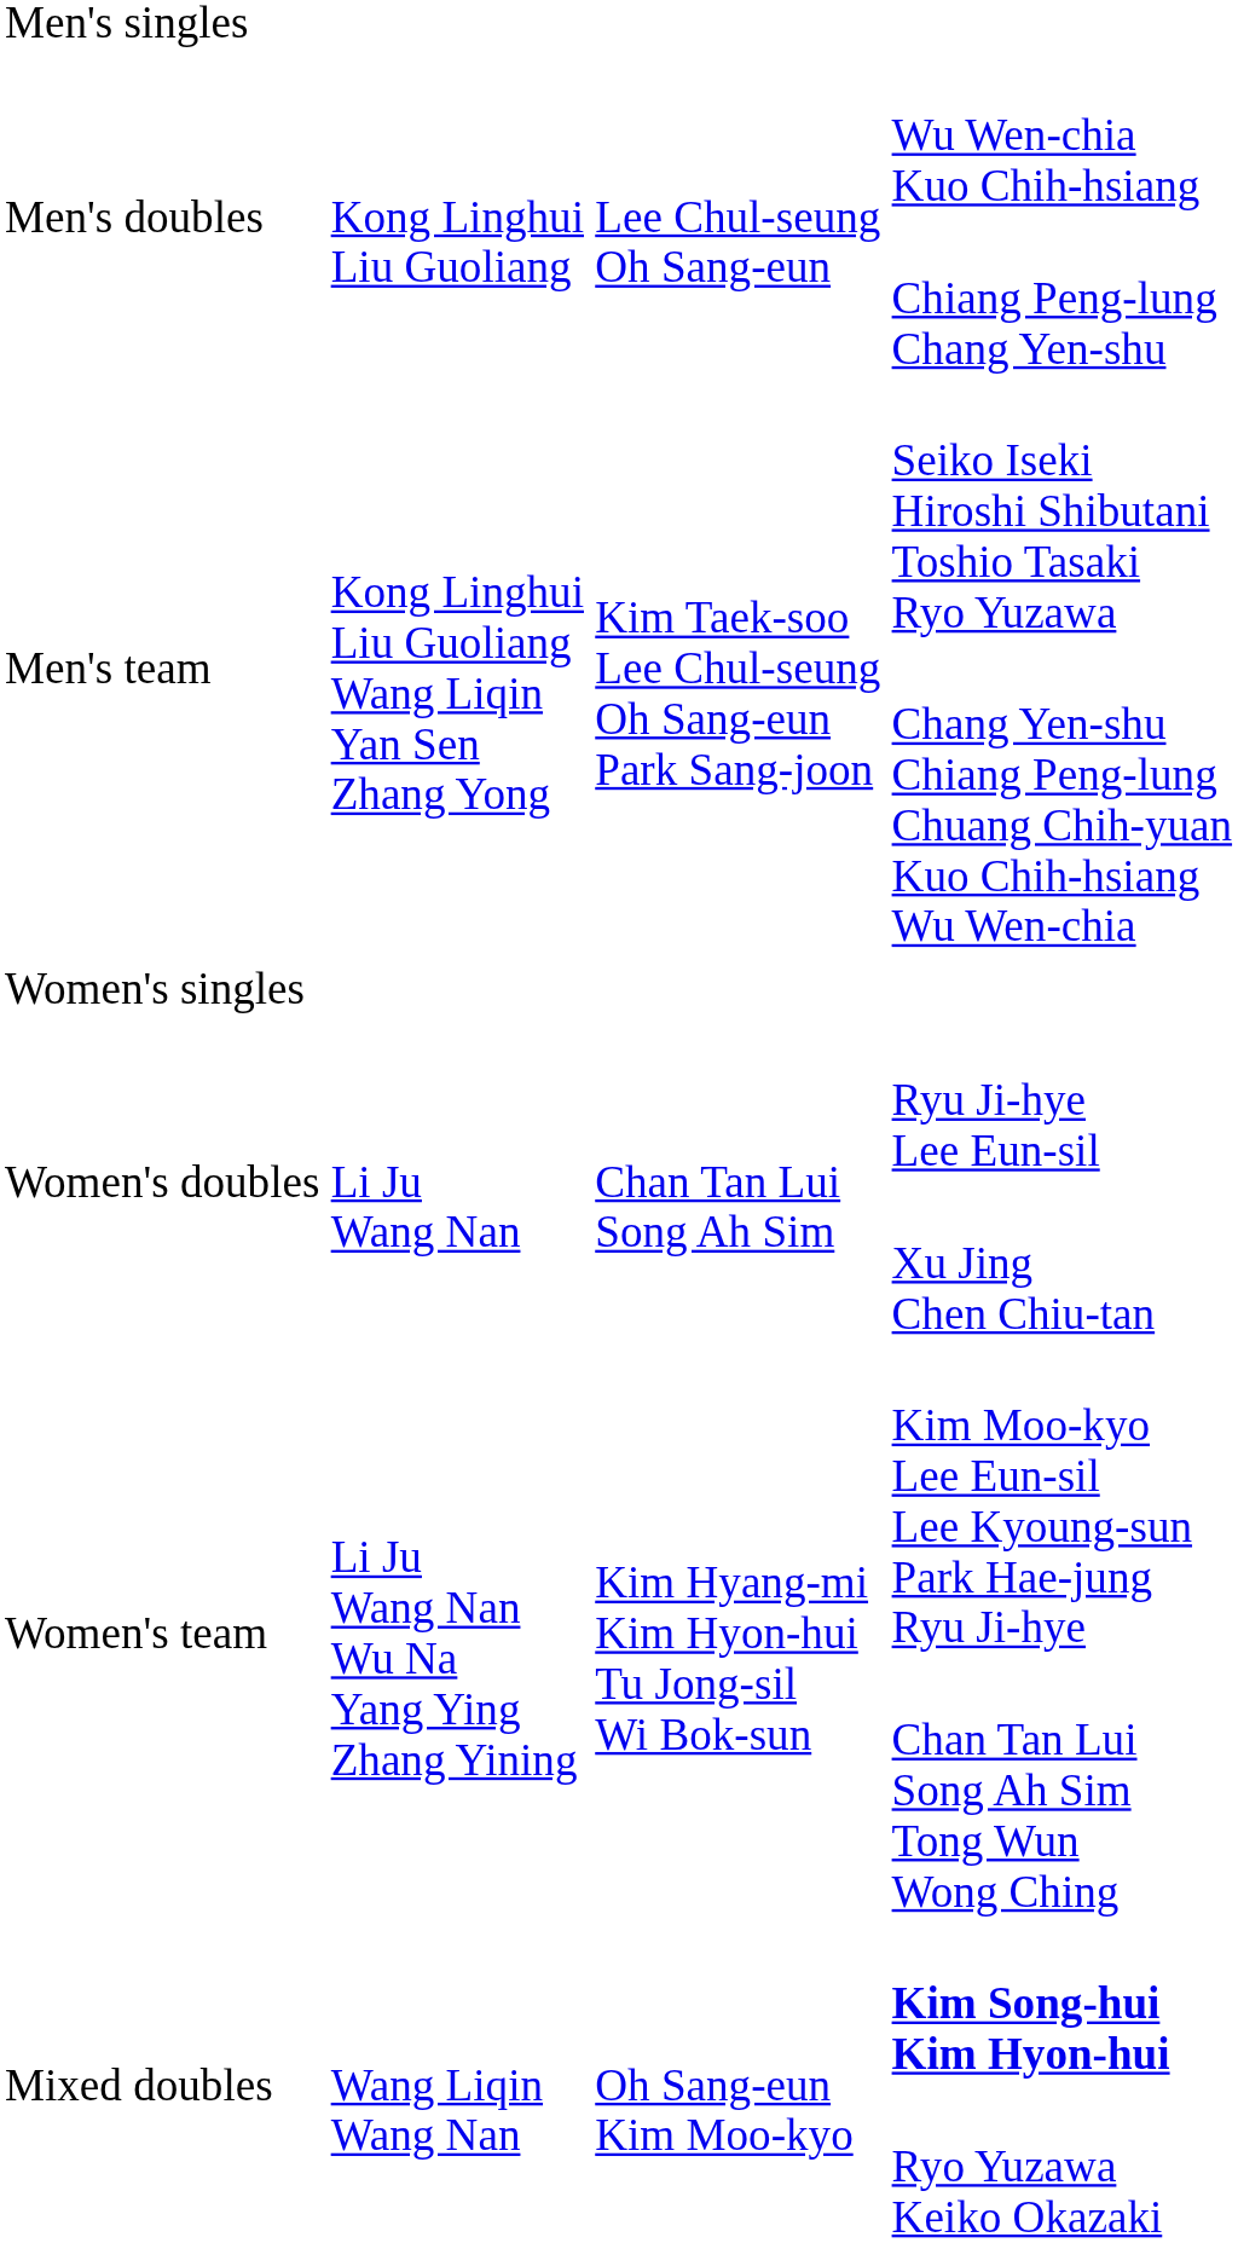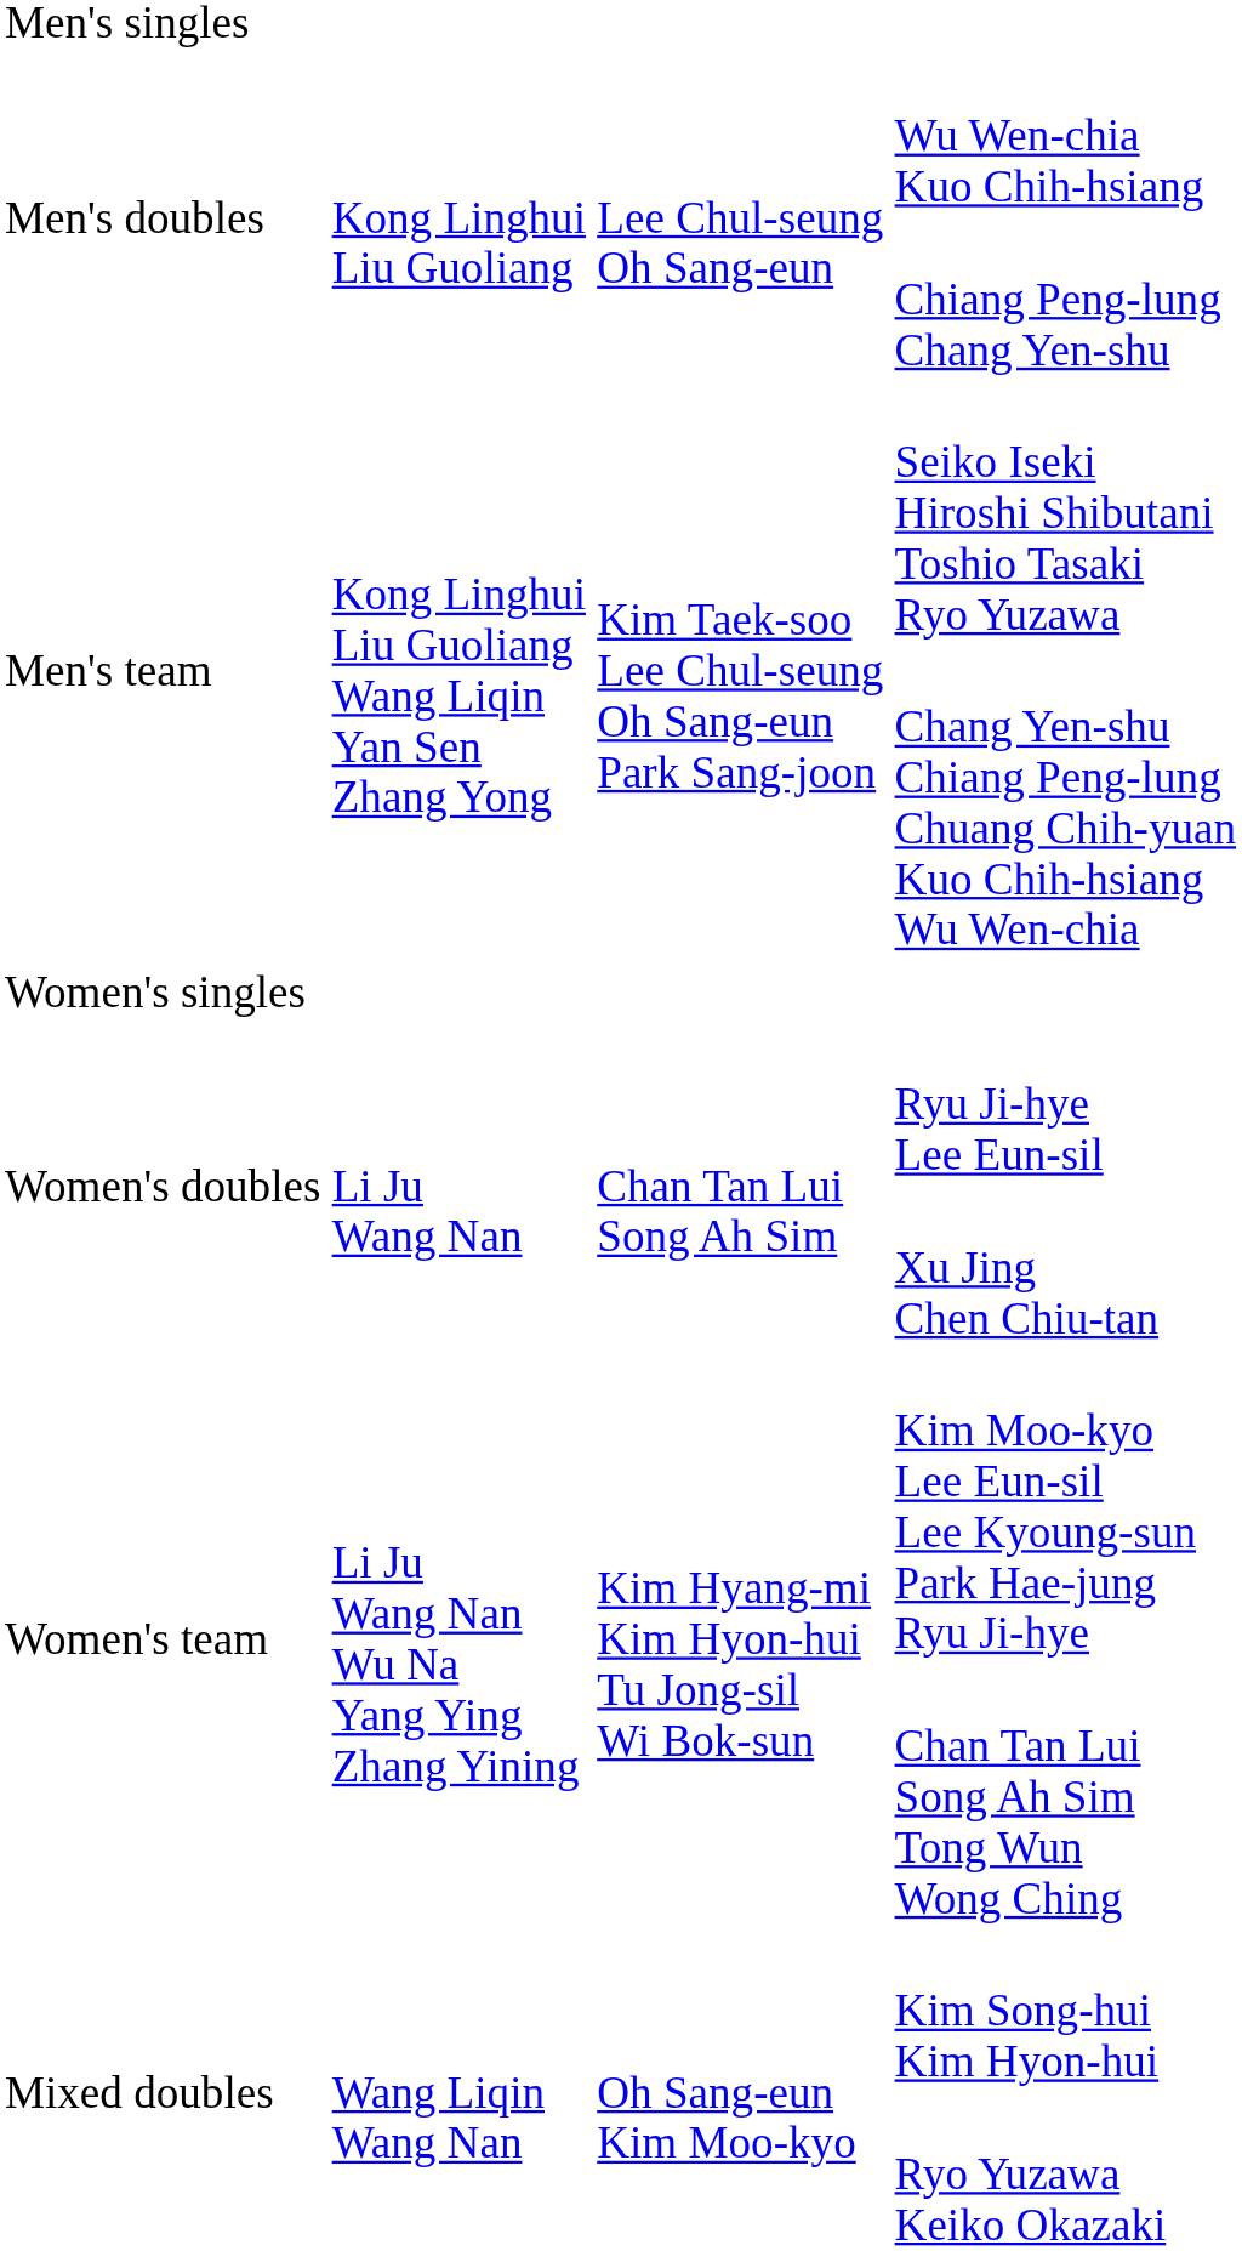 <table>
 <tr>
 <td rowspan=2>Men's singles</td>
 <td rowspan=2></td>
 <td rowspan=2></td>
 <td></td>
 </tr>
 <tr>
 <td></td>
 </tr>
 <tr>
 <td rowspan=2>Men's doubles</td>
 <td rowspan=2><br><a href='#'>Kong Linghui</a><br><a href='#'>Liu Guoliang</a></td>
 <td rowspan=2><br><a href='#'>Lee Chul-seung</a><br><a href='#'>Oh Sang-eun</a></td>
 <td><br><a href='#'>Wu Wen-chia</a><br><a href='#'>Kuo Chih-hsiang</a></td>
 </tr>
 <tr>
 <td><br><a href='#'>Chiang Peng-lung</a><br><a href='#'>Chang Yen-shu</a></td>
 </tr>
 <tr>
 <td rowspan=2>Men's team<br></td>
 <td rowspan=2><br><a href='#'>Kong Linghui</a><br><a href='#'>Liu Guoliang</a><br><a href='#'>Wang Liqin</a><br><a href='#'>Yan Sen</a><br><a href='#'>Zhang Yong</a></td>
 <td rowspan=2><br><a href='#'>Kim Taek-soo</a><br><a href='#'>Lee Chul-seung</a><br><a href='#'>Oh Sang-eun</a><br><a href='#'>Park Sang-joon</a></td>
 <td><br><a href='#'>Seiko Iseki</a><br><a href='#'>Hiroshi Shibutani</a><br><a href='#'>Toshio Tasaki</a><br><a href='#'>Ryo Yuzawa</a></td>
 </tr>
 <tr>
 <td><br><a href='#'>Chang Yen-shu</a><br><a href='#'>Chiang Peng-lung</a><br><a href='#'>Chuang Chih-yuan</a><br><a href='#'>Kuo Chih-hsiang</a><br><a href='#'>Wu Wen-chia</a></td>
 </tr>
 <tr>
 <td rowspan=2>Women's singles</td>
 <td rowspan=2></td>
 <td rowspan=2></td>
 <td></td>
 </tr>
 <tr>
 <td></td>
 </tr>
 <tr>
 <td rowspan=2>Women's doubles</td>
 <td rowspan=2><br><a href='#'>Li Ju</a><br><a href='#'>Wang Nan</a></td>
 <td rowspan=2><br><a href='#'>Chan Tan Lui</a><br><a href='#'>Song Ah Sim</a></td>
 <td><br><a href='#'>Ryu Ji-hye</a><br><a href='#'>Lee Eun-sil</a></td>
 </tr>
 <tr>
 <td><br><a href='#'>Xu Jing</a><br><a href='#'>Chen Chiu-tan</a></td>
 </tr>
 <tr>
 <td rowspan=2>Women's team</td>
 <td rowspan=2><br><a href='#'>Li Ju</a><br><a href='#'>Wang Nan</a><br><a href='#'>Wu Na</a><br><a href='#'>Yang Ying</a><br><a href='#'>Zhang Yining</a></td>
 <td rowspan=2><br><a href='#'>Kim Hyang-mi</a><br><a href='#'>Kim Hyon-hui</a><br><a href='#'>Tu Jong-sil</a><br><a href='#'>Wi Bok-sun</a></td>
 <td><br><a href='#'>Kim Moo-kyo</a><br><a href='#'>Lee Eun-sil</a><br><a href='#'>Lee Kyoung-sun</a><br><a href='#'>Park Hae-jung</a><br><a href='#'>Ryu Ji-hye</a></td>
 </tr>
 <tr>
 <td><br><a href='#'>Chan Tan Lui</a><br><a href='#'>Song Ah Sim</a><br><a href='#'>Tong Wun</a><br><a href='#'>Wong Ching</a></td>
 </tr>
 <tr>
 <td rowspan=2>Mixed doubles</td>
 <td rowspan=2><br><a href='#'>Wang Liqin</a><br><a href='#'>Wang Nan</a></td>
 <td rowspan=2><br><a href='#'>Oh Sang-eun</a><br><a href='#'>Kim Moo-kyo</a></td>
-<td><strong><br><a href='#'>Kim Song-hui</a><br><a href='#'>Kim Hyon-hui</a></strong></td>
+<td><br><a href='#'>Kim Song-hui</a><br><a href='#'>Kim Hyon-hui</a></td>
 </tr>
 <tr>
 <td><br><a href='#'>Ryo Yuzawa</a><br><a href='#'>Keiko Okazaki</a></td>
 </tr>
 </table>
